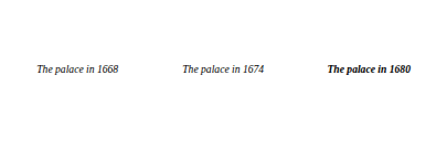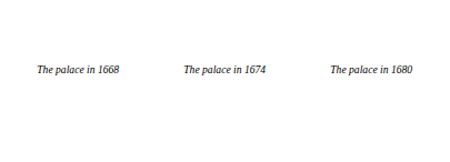 <table border="0"  style="background:white; color:black; height:230px; margin:auto; vertical-align:bottom;" cellpadding="10px" cellspacing="0px">
 <tr style="text-align:center;">
 <td></td>
 <td></td>
 <td></td>
 </tr>
 <tr style="text-align:center; vertical-align:top;">
 <td style="width:200px;"><em>The palace in 1668</em></td>
 <td style="width:200px;"><em>The palace in 1674</em></td>
-<td style="width:200px;"><strong><em>The palace in 1680</em></strong></td>
+<td style="width:200px;"><em>The palace in 1680</em></td>
 </tr>
 </table>
